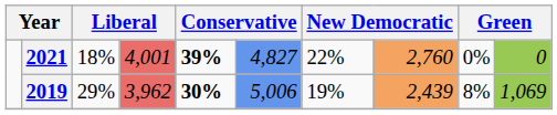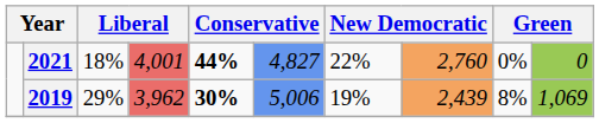 <table class="wikitable" style="float:right; width:400; font-size:90%; margin-left:1em;">
 <tr>
 <th colspan="2" scope="col">Year</th>
 <th colspan="2" scope="col"><a href='#'>Liberal</a></th>
 <th colspan="2" scope="col"><a href='#'>Conservative</a></th>
 <th colspan="2" scope="col"><a href='#'>New Democratic</a></th>
 <th colspan="2" scope="col"><a href='#'>Green</a></th>
 </tr>
 <tr>
 <td rowspan="2" style="width: 0.25em; background-color: "></td>
 <th><a href='#'>2021</a></th>
 <td>18%</td>
 <td style="text-align:right; background:#EA6D6A;"><em>4,001</em></td>
-<td><strong>39%</strong></td>
+<td><strong>44%</strong></td>
 <td style="text-align:right; background:#6495ED;"><em>4,827</em></td>
 <td>22%</td>
 <td style="text-align:right; background:#F4A460;"><em>2,760</em></td>
 <td>0%</td>
 <td style="text-align:right; background:#99C955;"><em>0</em></td>
 </tr>
 <tr>
 <th><a href='#'>2019</a></th>
 <td>29%</td>
 <td style="text-align:right; background:#EA6D6A;"><em>3,962</em></td>
 <td><strong>30%</strong></td>
 <td style="text-align:right; background:#6495ED;"><em>5,006</em></td>
 <td>19%</td>
 <td style="text-align:right; background:#F4A460;"><em>2,439</em></td>
 <td>8%</td>
 <td style="text-align:right; background:#99C955;"><em>1,069</em></td>
 </tr>
 <tr>
 </tr>
 </table>
